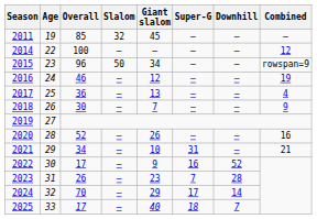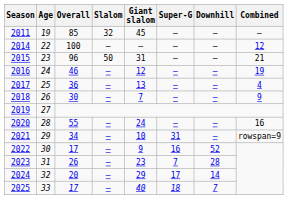 <table class=wikitable style="text-align:center">
 <tr>
 <th>Season</th>
 <th>Age</th>
 <th>Overall</th>
 <th>Slalom</th>
 <th>Giant<br>slalom</th>
 <th>Super-G</th>
 <th>Downhill</th>
 <th>Combined</th>
 </tr>
 <tr>
 <td><a href='#'>2011</a></td>
 <td><em>19</em></td>
 <td>85</td>
 <td>32</td>
 <td>45</td>
 <td>—</td>
 <td>—</td>
 <td>—</td>
 </tr>
 <tr>
 <td><a href='#'>2014</a></td>
 <td><em>22</em></td>
 <td>100</td>
 <td>—</td>
 <td>—</td>
 <td>—</td>
 <td>—</td>
 <td><a href='#'>12</a></td>
 </tr>
 <tr>
 <td><a href='#'>2015</a></td>
 <td><em>23</em></td>
 <td>96</td>
 <td>50</td>
-<td>34</td>
+<td>31</td>
 <td>—</td>
 <td>—</td>
-<td>rowspan=9 </td>
+<td>21</td>
 </tr>
 <tr>
 <td><a href='#'>2016</a></td>
 <td><em>24</em></td>
 <td><a href='#'>46</a></td>
 <td><a href='#'>—</a></td>
 <td><a href='#'>12</a></td>
 <td><a href='#'>—</a></td>
 <td><a href='#'>—</a></td>
 <td><a href='#'>19</a></td>
 </tr>
 <tr>
 <td><a href='#'>2017</a></td>
 <td><em>25</em></td>
 <td><a href='#'>36</a></td>
 <td><a href='#'>—</a></td>
 <td><a href='#'>13</a></td>
 <td><a href='#'>—</a></td>
 <td><a href='#'>—</a></td>
 <td><a href='#'>4</a></td>
 </tr>
 <tr>
 <td><a href='#'>2018</a></td>
 <td><em>26</em></td>
 <td><a href='#'>30</a></td>
 <td><a href='#'>—</a></td>
 <td><a href='#'>7</a></td>
 <td><a href='#'>—</a></td>
 <td><a href='#'>—</a></td>
 <td><a href='#'>9</a></td>
 </tr>
 <tr>
 <td><a href='#'>2019</a></td>
 <td><em>27</em></td>
 <td colspan=6></td>
 </tr>
 <tr>
 <td><a href='#'>2020</a></td>
 <td><em>28</em></td>
-<td><a href='#'>52</a></td>
+<td><a href='#'>55</a></td>
 <td><a href='#'>—</a></td>
-<td><a href='#'>26</a></td>
+<td><a href='#'>24</a></td>
 <td><a href='#'>—</a></td>
 <td><a href='#'>—</a></td>
 <td>16</td>
 </tr>
 <tr>
 <td><a href='#'>2021</a></td>
 <td><em>29</em></td>
 <td><a href='#'>34</a></td>
 <td><a href='#'>—</a></td>
 <td><a href='#'>10</a></td>
 <td><a href='#'>31</a></td>
 <td><a href='#'>—</a></td>
-<td>21</td>
+<td>rowspan=9 </td>
 </tr>
 <tr>
 <td><a href='#'>2022</a></td>
 <td><em>30</em></td>
 <td><a href='#'>17</a></td>
 <td><a href='#'>—</a></td>
 <td><a href='#'>9</a></td>
 <td><a href='#'>16</a></td>
 <td><a href='#'>52</a></td>
 </tr>
 <tr>
 <td><a href='#'>2023</a></td>
 <td><em>31</em></td>
 <td><a href='#'>26</a></td>
 <td><a href='#'>—</a></td>
 <td><a href='#'>23</a></td>
 <td><a href='#'>7</a></td>
 <td><a href='#'>28</a></td>
 </tr>
 <tr>
 <td><a href='#'>2024</a></td>
 <td><em>32</em></td>
-<td><a href='#'>70</a></td>
+<td><a href='#'>20</a></td>
 <td><a href='#'>—</a></td>
 <td><a href='#'>29</a></td>
 <td><a href='#'>17</a></td>
 <td><a href='#'>14</a></td>
 </tr>
 <tr>
 <td><a href='#'>2025</a></td>
 <td><em>33</em></td>
 <td><a href='#'><em>17</em></a></td>
 <td><a href='#'>—</a></td>
 <td><a href='#'><em>40</em></a></td>
 <td><a href='#'><em>18</em></a></td>
 <td><a href='#'><em>7</em></a></td>
 </tr>
 </table>
